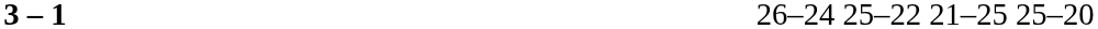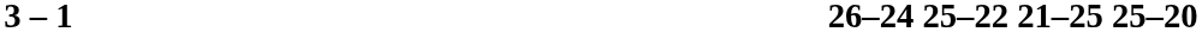 <table width=100% cellspacing=1>
 <tr>
 <th width=20%></th>
 <th width=12%></th>
 <th width=20%></th>
 <th width=33%></th>
 <td></td>
 </tr>
 <tr style=font-size:90%>
 <td align=right><strong></strong></td>
 <td align=center><strong>3 – 1</strong></td>
 <td></td>
-<td>26–24 25–22 21–25 25–20</td>
+<td><strong>26–24 25–22 21–25 25–20</strong></td>
 </tr>
 </table>
